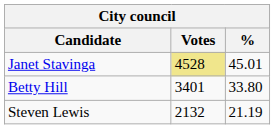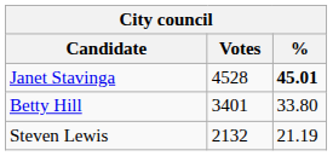 <table class="wikitable">
 <tr>
 <th colspan="3">City council</th>
 </tr>
 <tr>
 <th style="width: 170px">Candidate</th>
 <th style="width: 50px">Votes</th>
 <th style="width: 40px">%</th>
 </tr>
 <tr>
 <td><a href='#'>Janet Stavinga</a></td>
-<td style="background: khaki;">4528</td>
-<td>45.01</td>
+<td>4528</td>
+<td><strong>45.01</strong></td>
 </tr>
 <tr>
 <td><a href='#'>Betty Hill</a></td>
 <td>3401</td>
 <td>33.80</td>
 </tr>
 <tr>
 <td>Steven Lewis</td>
 <td>2132</td>
 <td>21.19</td>
 </tr>
 </table>
